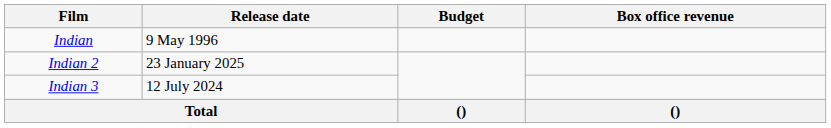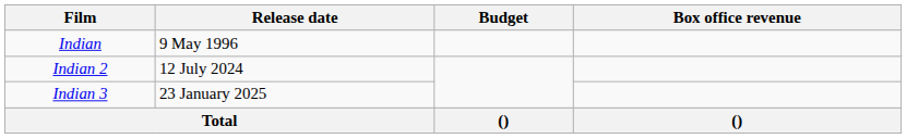 <table class="wikitable" style="width:100%;">
 <tr>
 <th style="text-align:centr;">Film</th>
 <th style="text-align:centr;">Release date</th>
 <th style="text-align:centr;">Budget</th>
 <th style="text-align:centr;">Box office revenue</th>
 </tr>
 <tr>
 <td style="text-align:center;"><em><a href='#'>Indian</a></em></td>
 <td>9 May 1996</td>
 <td></td>
 <td></td>
 </tr>
 <tr>
 <td style="text-align:center;"><em><a href='#'>Indian 2</a></em></td>
-<td>23 January 2025</td>
+<td>12 July 2024</td>
 <td rowspan="2"></td>
 <td></td>
 </tr>
 <tr>
 <td style="text-align:center;"><em><a href='#'>Indian 3</a></em></td>
-<td>12 July 2024</td>
+<td>23 January 2025</td>
 </tr>
 <tr>
 <th colspan="2" style="text-align:centr;">Total</th>
 <th style="text-align:centr;"> () <br></th>
 <th colspan="2" style="text-align:centr;"> () <br></th>
 </tr>
 </table>
